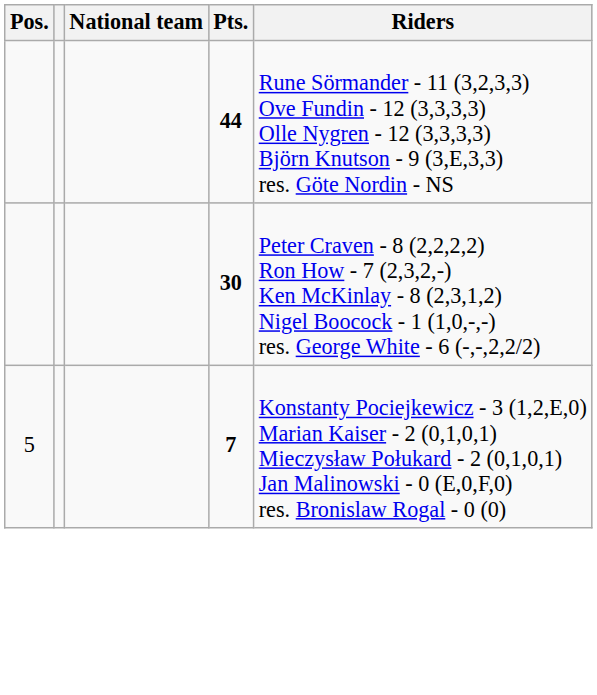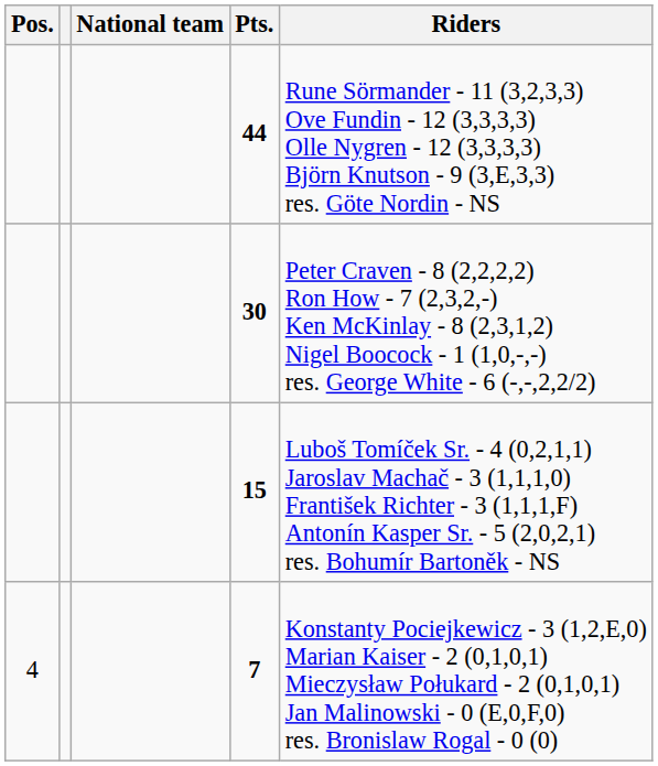 <table class=wikitable style="font-size:93%;">
 <tr>
 <th>Pos.</th>
 <th></th>
 <th>National team</th>
 <th>Pts.</th>
 <th>Riders</th>
 </tr>
 <tr align=center >
 <td></td>
 <td></td>
 <td align=left></td>
 <td><strong>44</strong></td>
 <td align=left><br><a href='#'>Rune Sörmander</a> - 11 (3,2,3,3)<br> <a href='#'>Ove Fundin</a> - 12 (3,3,3,3)<br> <a href='#'>Olle Nygren</a> - 12 (3,3,3,3)<br> <a href='#'>Björn Knutson</a> - 9 (3,E,3,3)<br> res. <a href='#'>Göte Nordin</a> - NS</td>
 </tr>
 <tr align=center >
 <td></td>
 <td></td>
 <td align=left></td>
 <td><strong>30</strong></td>
 <td align=left><br><a href='#'>Peter Craven</a> - 8 (2,2,2,2)<br> <a href='#'>Ron How</a> - 7 (2,3,2,-)<br> <a href='#'>Ken McKinlay</a> - 8 (2,3,1,2)<br> <a href='#'>Nigel Boocock</a> - 1 (1,0,-,-)<br> res. <a href='#'>George White</a> - 6 (-,-,2,2/2)</td>
 </tr>
+<tr align=center >
+<td></td>
+<td></td>
+<td align=left></td>
+<td><strong>15</strong></td>
+<td align=left><br><a href='#'>Luboš Tomíček Sr.</a> - 4 (0,2,1,1)<br> <a href='#'>Jaroslav Machač</a> - 3 (1,1,1,0)<br> <a href='#'>František Richter</a> - 3 (1,1,1,F)<br> <a href='#'>Antonín Kasper Sr.</a> - 5 (2,0,2,1)<br> res. <a href='#'>Bohumír Bartoněk</a> - NS</td>
+</tr>
 <tr align=center>
-<td>5</td>
+<td>4</td>
 <td></td>
 <td align=left></td>
 <td><strong>7</strong></td>
 <td align=left><br><a href='#'>Konstanty Pociejkewicz</a> - 3 (1,2,E,0)<br> <a href='#'>Marian Kaiser</a> - 2 (0,1,0,1)<br> <a href='#'>Mieczysław Połukard</a> - 2 (0,1,0,1)<br> <a href='#'>Jan Malinowski</a> - 0 (E,0,F,0)<br> res. <a href='#'>Bronislaw Rogal</a> - 0 (0)</td>
 </tr>
 </table>
